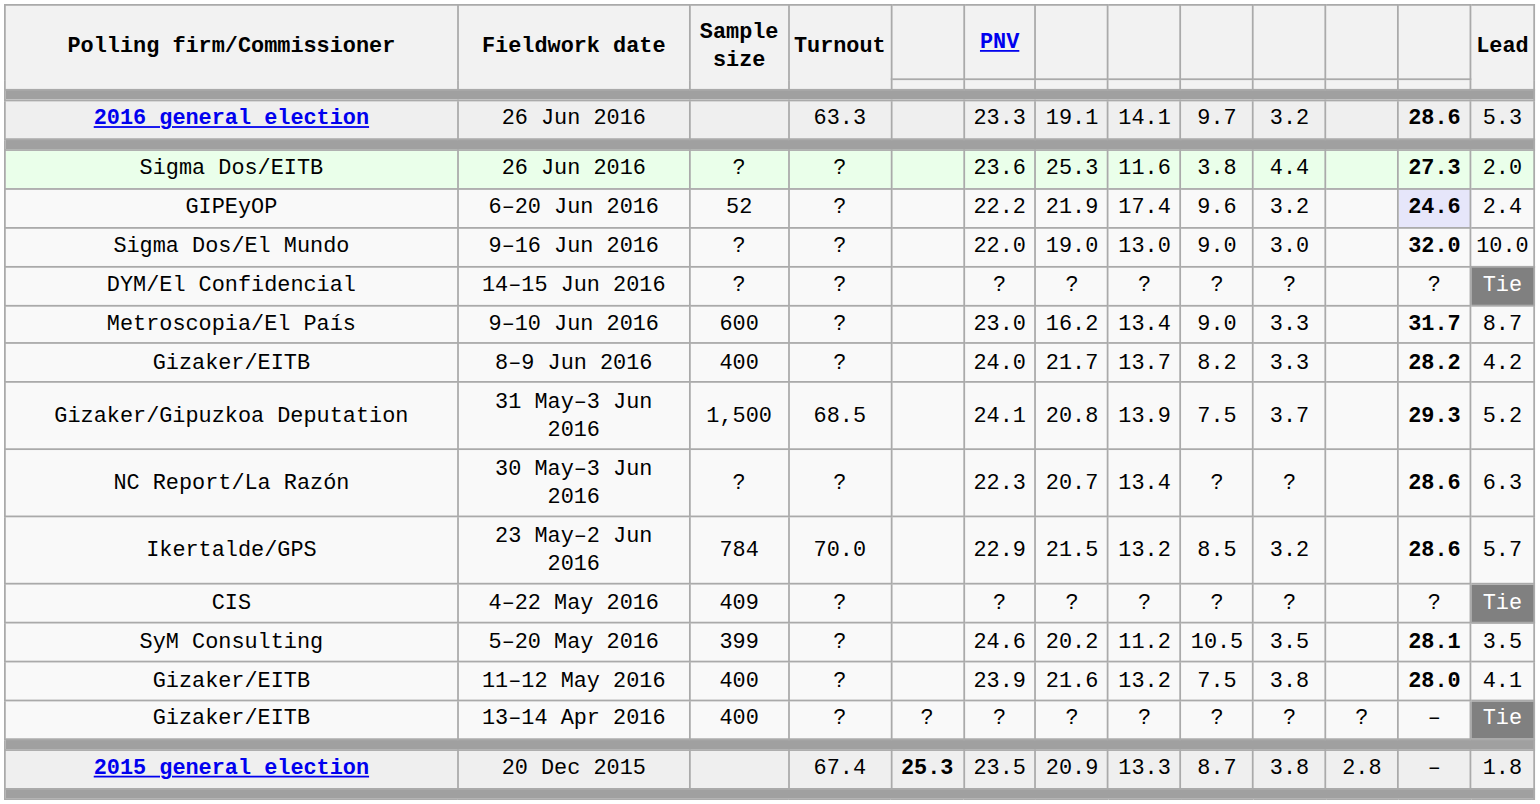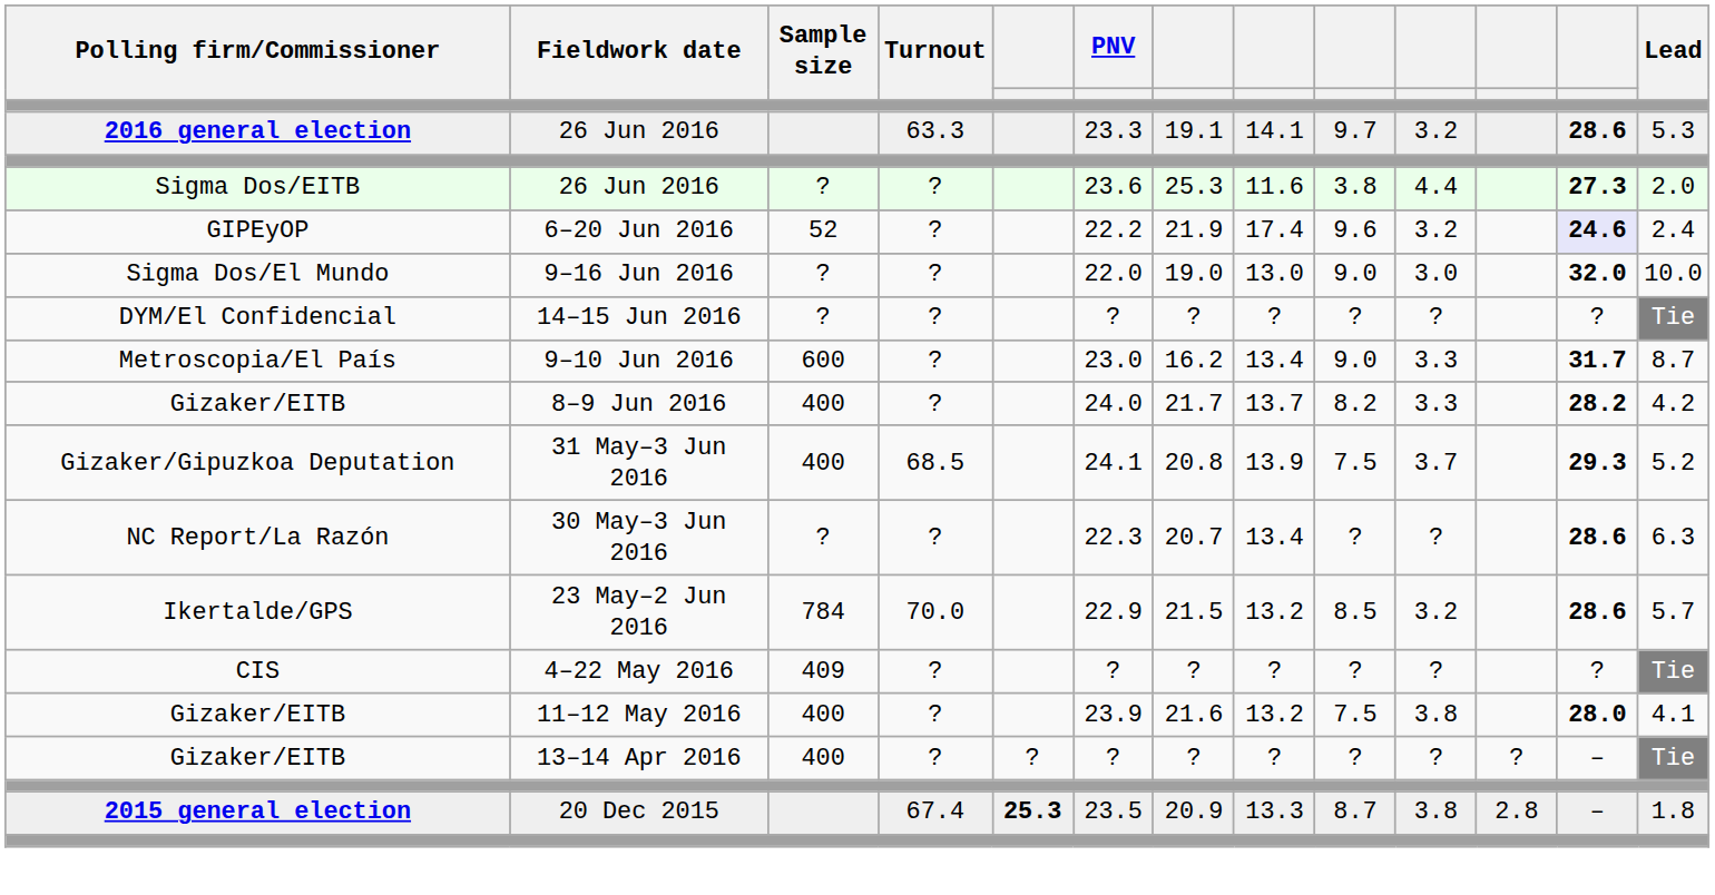 <table class="wikitable collapsible collapsed" style="text-align:center; font-size:95%; line-height:16px;">
 <tr style="height:42px; background-color:#E9E9E9">
 <th style="width:250px;" rowspan="2">Polling firm/Commissioner</th>
 <th style="width:125px;" rowspan="2">Fieldwork date</th>
 <th style="width:50px;" rowspan="2">Sample size</th>
 <th style="width:45px;" rowspan="2">Turnout</th>
 <th style="width:35px;"></th>
 <th style="width:35px;"><a href='#'>PNV</a></th>
 <th style="width:35px;"></th>
 <th style="width:35px;"></th>
 <th style="width:35px;"></th>
 <th style="width:35px;"></th>
 <th style="width:35px;"></th>
 <th style="width:35px;"></th>
 <th style="width:30px;" rowspan="2">Lead</th>
 </tr>
 <tr>
 <th style="color:inherit;background:"></th>
 <th style="color:inherit;background:"></th>
 <th style="color:inherit;background:"></th>
 <th style="color:inherit;background:"></th>
 <th style="color:inherit;background:"></th>
 <th style="color:inherit;background:"></th>
 <th style="color:inherit;background:"></th>
 <th style="color:inherit;background:"></th>
 </tr>
 <tr>
 <td colspan="13" style="background:#A0A0A0"></td>
 </tr>
 <tr style="background:#EFEFEF;">
 <td><strong><a href='#'>2016 general election</a></strong></td>
 <td>26 Jun 2016</td>
 <td></td>
 <td>63.3</td>
 <td></td>
 <td>23.3<br></td>
 <td>19.1<br></td>
 <td>14.1<br></td>
 <td>9.7<br></td>
 <td>3.2<br></td>
 <td></td>
 <td><strong>28.6</strong><br></td>
 <td style="background:">5.3</td>
 </tr>
 <tr>
 <td colspan="13" style="background:#A0A0A0"></td>
 </tr>
 <tr style="background:#EAFFEA;">
 <td>Sigma Dos/EITB</td>
 <td>26 Jun 2016</td>
 <td>?</td>
 <td>?</td>
 <td></td>
 <td>23.6<br></td>
 <td>25.3<br></td>
 <td>11.6<br></td>
 <td>3.8<br></td>
 <td>4.4<br></td>
 <td></td>
 <td><strong>27.3</strong><br></td>
 <td style="background:">2.0</td>
 </tr>
 <tr>
 <td>GIPEyOP</td>
 <td>6–20 Jun 2016</td>
 <td>52</td>
 <td>?</td>
 <td></td>
 <td>22.2<br></td>
 <td>21.9<br></td>
 <td>17.4<br></td>
 <td>9.6<br></td>
 <td>3.2<br></td>
 <td></td>
 <td style="background: lavender;"><strong>24.6</strong><br></td>
 <td style="background:">2.4</td>
 </tr>
 <tr>
 <td>Sigma Dos/El Mundo</td>
 <td>9–16 Jun 2016</td>
 <td>?</td>
 <td>?</td>
 <td></td>
 <td>22.0<br></td>
 <td>19.0<br></td>
 <td>13.0<br></td>
 <td>9.0<br></td>
 <td>3.0<br></td>
 <td></td>
 <td><strong>32.0</strong><br></td>
 <td style="background:">10.0</td>
 </tr>
 <tr>
 <td>DYM/El Confidencial</td>
 <td>14–15 Jun 2016</td>
 <td>?</td>
 <td>?</td>
 <td></td>
 <td>?<br></td>
 <td>?<br></td>
 <td>?<br></td>
 <td>?<br></td>
 <td>?<br></td>
 <td></td>
 <td>?<br></td>
 <td style="background:gray;color:white;">Tie</td>
 </tr>
 <tr>
 <td>Metroscopia/El País</td>
 <td>9–10 Jun 2016</td>
 <td>600</td>
 <td>?</td>
 <td></td>
 <td>23.0<br></td>
 <td>16.2<br></td>
 <td>13.4<br></td>
 <td>9.0<br></td>
 <td>3.3<br></td>
 <td></td>
 <td><strong>31.7</strong><br></td>
 <td style="background:">8.7</td>
 </tr>
 <tr>
 <td>Gizaker/EITB</td>
 <td>8–9 Jun 2016</td>
 <td>400</td>
 <td>?</td>
 <td></td>
 <td>24.0<br></td>
 <td>21.7<br></td>
 <td>13.7<br></td>
 <td>8.2<br></td>
 <td>3.3<br></td>
 <td></td>
 <td><strong>28.2</strong><br></td>
 <td style="background:">4.2</td>
 </tr>
 <tr>
 <td>Gizaker/Gipuzkoa Deputation</td>
 <td>31 May–3 Jun 2016</td>
-<td>1,500</td>
+<td>400</td>
 <td>68.5</td>
 <td></td>
 <td>24.1<br></td>
 <td>20.8<br></td>
 <td>13.9<br></td>
 <td>7.5<br></td>
 <td>3.7<br></td>
 <td></td>
 <td><strong>29.3</strong><br></td>
 <td style="background:">5.2</td>
 </tr>
 <tr>
 <td>NC Report/La Razón</td>
 <td>30 May–3 Jun 2016</td>
 <td>?</td>
 <td>?</td>
 <td></td>
 <td>22.3<br></td>
 <td>20.7<br></td>
 <td>13.4<br></td>
 <td>?<br></td>
 <td>?<br></td>
 <td></td>
 <td><strong>28.6</strong><br></td>
 <td style="background:">6.3</td>
 </tr>
 <tr>
 <td>Ikertalde/GPS</td>
 <td>23 May–2 Jun 2016</td>
 <td>784</td>
 <td>70.0</td>
 <td></td>
 <td>22.9<br></td>
 <td>21.5<br></td>
 <td>13.2<br></td>
 <td>8.5<br></td>
 <td>3.2<br></td>
 <td></td>
 <td><strong>28.6</strong><br></td>
 <td style="background:">5.7</td>
 </tr>
 <tr>
 <td>CIS</td>
 <td>4–22 May 2016</td>
 <td>409</td>
 <td>?</td>
 <td></td>
 <td>?<br></td>
 <td>?<br></td>
 <td>?<br></td>
 <td>?<br></td>
 <td>?<br></td>
 <td></td>
 <td>?<br></td>
 <td style="background:gray;color:white;">Tie</td>
 </tr>
 <tr>
-<td>SyM Consulting</td>
-<td>5–20 May 2016</td>
-<td>399</td>
-<td>?</td>
-<td></td>
-<td>24.6<br></td>
-<td>20.2<br></td>
-<td>11.2<br></td>
-<td>10.5<br></td>
-<td>3.5<br></td>
-<td></td>
-<td><strong>28.1</strong><br></td>
-<td style="background:">3.5</td>
-</tr>
-<tr>
 <td>Gizaker/EITB</td>
 <td>11–12 May 2016</td>
 <td>400</td>
 <td>?</td>
 <td></td>
 <td>23.9<br></td>
 <td>21.6<br></td>
 <td>13.2<br></td>
 <td>7.5<br></td>
 <td>3.8<br></td>
 <td></td>
 <td><strong>28.0</strong><br></td>
 <td style="background:">4.1</td>
 </tr>
 <tr>
 <td>Gizaker/EITB</td>
 <td>13–14 Apr 2016</td>
 <td>400</td>
 <td>?</td>
 <td>?<br></td>
 <td>?<br></td>
 <td>?<br></td>
 <td>?<br></td>
 <td>?<br></td>
 <td>?<br></td>
 <td>?<br></td>
 <td>–</td>
 <td style="background:gray;color:white;">Tie</td>
 </tr>
 <tr>
 <td colspan="13" style="background:#A0A0A0"></td>
 </tr>
 <tr style="background:#EFEFEF;">
 <td><strong><a href='#'>2015 general election</a></strong></td>
 <td>20 Dec 2015</td>
 <td></td>
 <td>67.4</td>
 <td><strong>25.3</strong><br></td>
 <td>23.5<br></td>
 <td>20.9<br></td>
 <td>13.3<br></td>
 <td>8.7<br></td>
 <td>3.8<br></td>
 <td>2.8<br></td>
 <td>–</td>
 <td style="background:">1.8</td>
 </tr>
 <tr>
 <td colspan="13" style="background:#A0A0A0"></td>
 </tr>
 </table>
